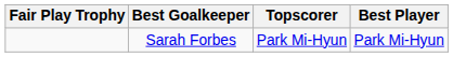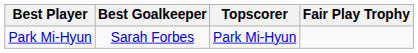 <table class=wikitable style="margin:auto; text-align:center">
 <tr>
-<th>Fair Play Trophy</th>
+<th>Best Player</th>
 <th>Best Goalkeeper</th>
 <th>Topscorer</th>
-<th>Best Player</th>
+<th>Fair Play Trophy</th>
 </tr>
 <tr>
-<td></td>
+<td> <a href='#'>Park Mi-Hyun</a></td>
 <td> <a href='#'>Sarah Forbes</a></td>
 <td> <a href='#'>Park Mi-Hyun</a></td>
-<td> <a href='#'>Park Mi-Hyun</a></td>
+<td></td>
 </tr>
 </table>
